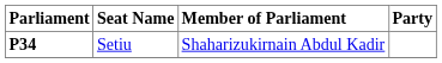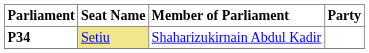 <table class="toccolours sortable" border="1" cellpadding="3" style="border-collapse:collapse; text-align: left;">
 <tr>
 <th align="center">Parliament</th>
 <th>Seat Name</th>
 <th>Member of Parliament</th>
 <th>Party</th>
 </tr>
 <tr>
 <th align="left">P34</th>
-<td><a href='#'>Setiu</a></td>
+<td style="background: khaki;"><a href='#'>Setiu</a></td>
 <td><a href='#'>Shaharizukirnain Abdul Kadir</a></td>
 <td></td>
 </tr>
 <tr>
 </tr>
 </table>
